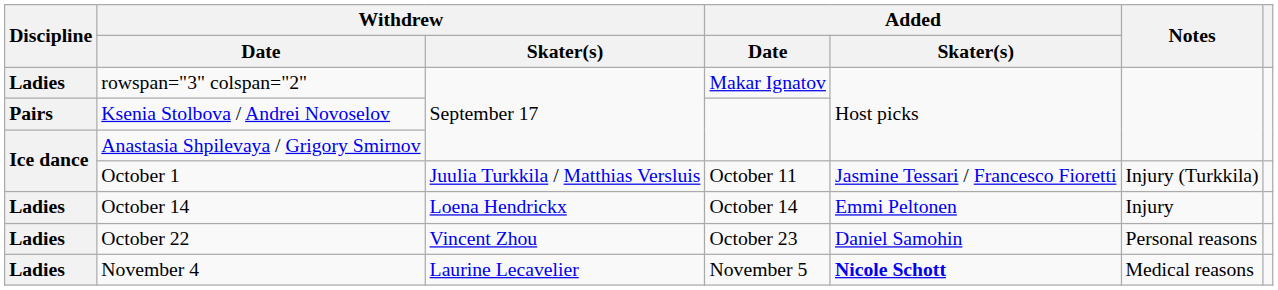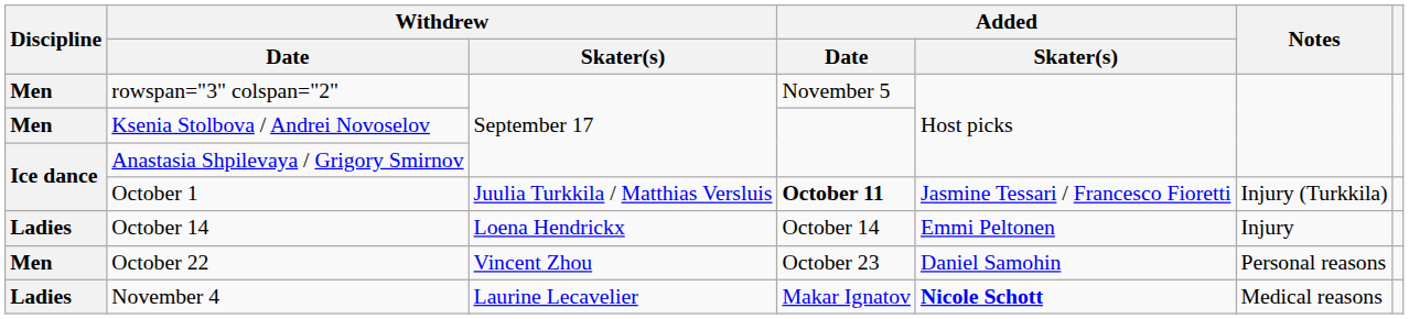 <table class="wikitable unsortable">
 <tr>
 <th scope="col" rowspan=2>Discipline</th>
 <th scope="col" colspan=2>Withdrew</th>
 <th scope="col" colspan=2>Added</th>
 <th scope="col" rowspan=2>Notes</th>
 <th scope="col" rowspan=2></th>
 </tr>
 <tr>
 <th>Date</th>
 <th>Skater(s)</th>
 <th>Date</th>
 <th>Skater(s)</th>
 </tr>
 <tr>
-<th scope="row" style="text-align:left">Ladies</th>
+<th scope="row" style="text-align:left">Men</th>
 <td>rowspan="3" colspan="2" </td>
 <td rowspan="3">September 17</td>
-<td> <a href='#'>Makar Ignatov</a></td>
+<td>November 5</td>
 <td rowspan=3>Host picks</td>
 <td rowspan=3></td>
 </tr>
 <tr>
-<th scope="row" style="text-align:left">Pairs</th>
+<th scope="row" style="text-align:left">Men</th>
 <td> <a href='#'>Ksenia Stolbova</a> / <a href='#'>Andrei Novoselov</a></td>
 </tr>
 <tr>
 <th scope="row" style="text-align:left" rowspan="2">Ice dance</th>
 <td> <a href='#'>Anastasia Shpilevaya</a> / <a href='#'>Grigory Smirnov</a></td>
 </tr>
 <tr>
 <td>October 1</td>
 <td> <a href='#'>Juulia Turkkila</a> / <a href='#'>Matthias Versluis</a></td>
-<td>October 11</td>
+<td><strong>October 11</strong></td>
 <td> <a href='#'>Jasmine Tessari</a> / <a href='#'>Francesco Fioretti</a></td>
 <td>Injury (Turkkila)</td>
 <td></td>
 </tr>
 <tr>
 <th scope="row" style="text-align:left">Ladies</th>
 <td>October 14</td>
 <td> <a href='#'>Loena Hendrickx</a></td>
 <td>October 14</td>
 <td> <a href='#'>Emmi Peltonen</a></td>
 <td>Injury</td>
 <td></td>
 </tr>
 <tr>
-<th scope="row" style="text-align:left">Ladies</th>
+<th scope="row" style="text-align:left">Men</th>
 <td>October 22</td>
 <td> <a href='#'>Vincent Zhou</a></td>
 <td>October 23</td>
 <td> <a href='#'>Daniel Samohin</a></td>
 <td>Personal reasons</td>
 <td></td>
 </tr>
 <tr>
 <th scope="row" style="text-align:left">Ladies</th>
 <td>November 4</td>
 <td> <a href='#'>Laurine Lecavelier</a></td>
-<td>November 5</td>
+<td> <a href='#'>Makar Ignatov</a></td>
 <td><strong> <a href='#'>Nicole Schott</a></strong></td>
 <td>Medical reasons</td>
 <td></td>
 </tr>
 </table>
